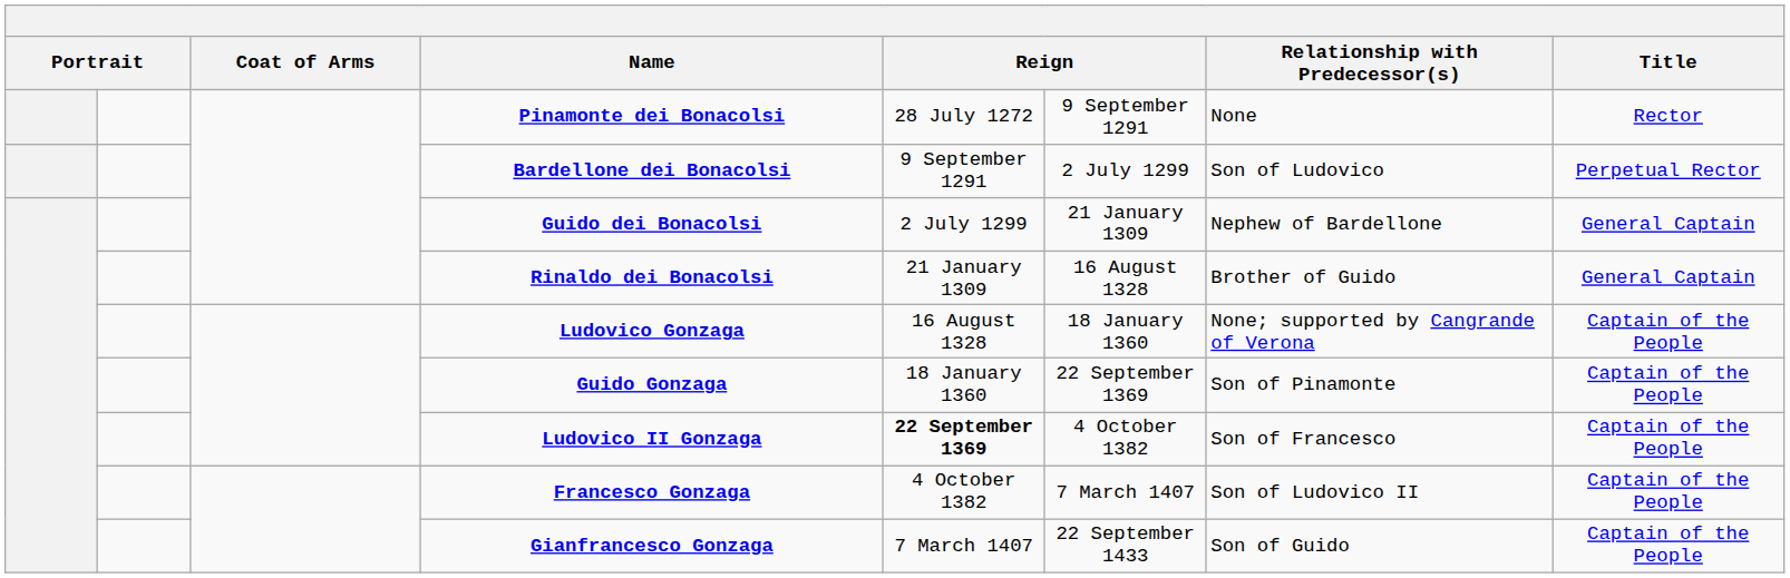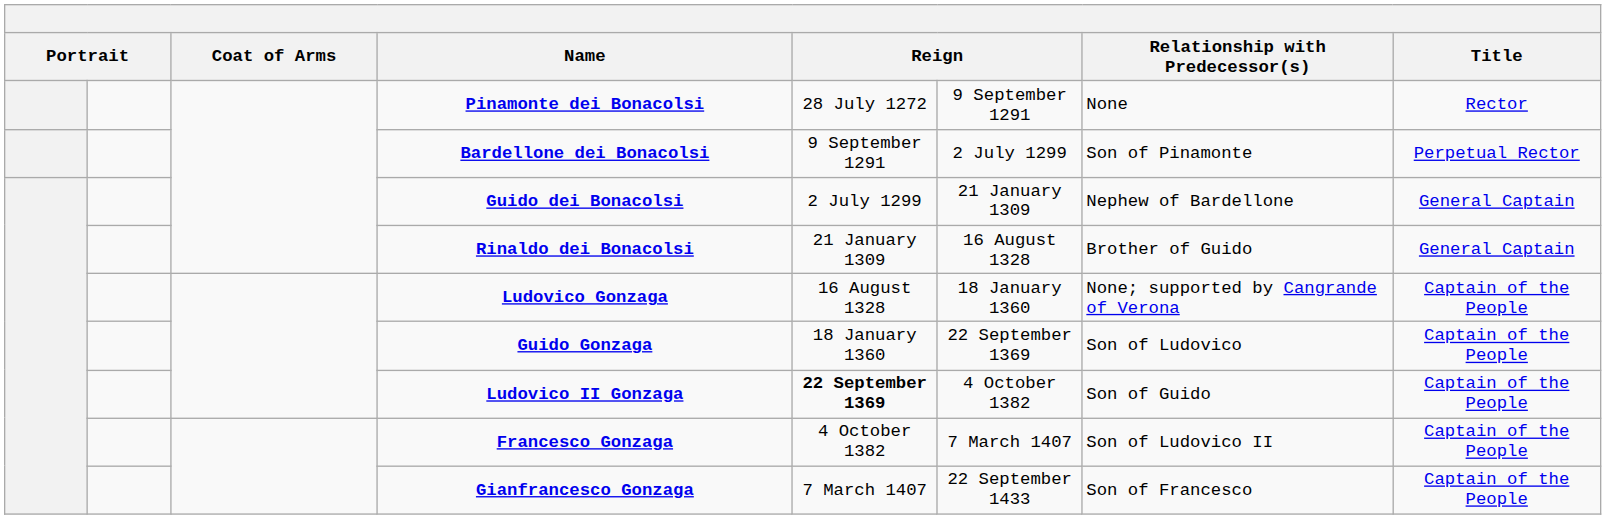 <table width=95% class="wikitable">
 <tr>
 <th colspan=8><br> </th>
 </tr>
 <tr>
 <th colspan=2 width=8%>Portrait</th>
 <th width=10%>Coat of Arms</th>
 <th width=20%>Name</th>
 <th colspan=2 width=14%>Reign</th>
 <th width=15%>Relationship with Predecessor(s)</th>
 <th width=10%>Title</th>
 </tr>
 <tr>
 <th style="background:"></th>
 <td align="center"></td>
 <td rowspan=4 align="center"></td>
 <td align="center"><strong><a href='#'>Pinamonte dei Bonacolsi</a></strong></td>
 <td align="center">28 July 1272</td>
 <td align="center">9 September 1291</td>
 <td>None</td>
 <td align="center"><a href='#'>Rector</a></td>
 </tr>
 <tr>
 <th style="background:"></th>
 <td align="center"></td>
 <td align="center"><strong><a href='#'>Bardellone dei Bonacolsi</a></strong></td>
 <td align="center">9 September 1291</td>
 <td align="center">2 July 1299</td>
-<td>Son of Ludovico</td>
+<td>Son of Pinamonte</td>
 <td align="center"><a href='#'>Perpetual Rector</a></td>
 </tr>
 <tr>
 <th rowspan=8 style="background:"></th>
 <td align="center"></td>
 <td align="center"><strong><a href='#'>Guido dei Bonacolsi</a></strong></td>
 <td align="center">2 July 1299</td>
 <td align="center">21 January 1309</td>
 <td>Nephew of Bardellone</td>
 <td align="center"><a href='#'>General Captain</a></td>
 </tr>
 <tr>
 <td align="center"></td>
 <td align="center"><strong><a href='#'>Rinaldo dei Bonacolsi</a></strong></td>
 <td align="center">21 January 1309</td>
 <td align="center">16 August 1328</td>
 <td>Brother of Guido</td>
 <td align="center"><a href='#'>General Captain</a></td>
 </tr>
 <tr>
 <td align="center"></td>
 <td rowspan=3 align="center"></td>
 <td align="center"><strong><a href='#'>Ludovico Gonzaga</a></strong></td>
 <td align="center">16 August 1328</td>
 <td align="center">18 January 1360</td>
 <td>None; supported by <a href='#'>Cangrande of Verona</a></td>
 <td align="center"><a href='#'>Captain of the People</a></td>
 </tr>
 <tr>
 <td align="center"></td>
 <td align="center"><strong><a href='#'>Guido Gonzaga</a></strong></td>
 <td align="center">18 January 1360</td>
 <td align="center">22 September 1369</td>
-<td>Son of Pinamonte</td>
+<td>Son of Ludovico</td>
 <td align="center"><a href='#'>Captain of the People</a></td>
 </tr>
 <tr>
 <td align="center"></td>
 <td align="center"><strong><a href='#'>Ludovico II Gonzaga</a></strong></td>
 <td align="center"><strong>22 September 1369</strong></td>
 <td align="center">4 October 1382</td>
-<td>Son of Francesco</td>
+<td>Son of Guido</td>
 <td align="center"><a href='#'>Captain of the People</a></td>
 </tr>
 <tr>
 <td align="center"></td>
 <td rowspan=2 align="center"></td>
 <td align="center"><strong><a href='#'>Francesco Gonzaga</a></strong></td>
 <td align="center">4 October 1382</td>
 <td align="center">7 March 1407</td>
 <td>Son of Ludovico II</td>
 <td align="center"><a href='#'>Captain of the People</a></td>
 </tr>
 <tr>
 <td align="center"></td>
 <td align="center"><strong><a href='#'>Gianfrancesco Gonzaga</a></strong></td>
 <td align="center">7 March 1407</td>
 <td align="center">22 September 1433</td>
-<td>Son of Guido</td>
+<td>Son of Francesco</td>
 <td align="center"><a href='#'>Captain of the People</a></td>
 </tr>
 </table>
